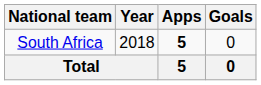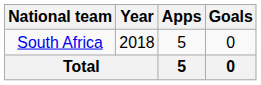 <table class="wikitable" style="text-align:center">
 <tr>
 <th>National team</th>
 <th>Year</th>
 <th>Apps</th>
 <th>Goals</th>
 </tr>
 <tr>
 <td rowspan="1"><a href='#'>South Africa</a></td>
 <td>2018</td>
-<td><strong>5</strong></td>
+<td>5</td>
 <td>0</td>
 </tr>
 <tr>
 <th colspan=2>Total</th>
 <th>5</th>
 <th>0</th>
 </tr>
 </table>
